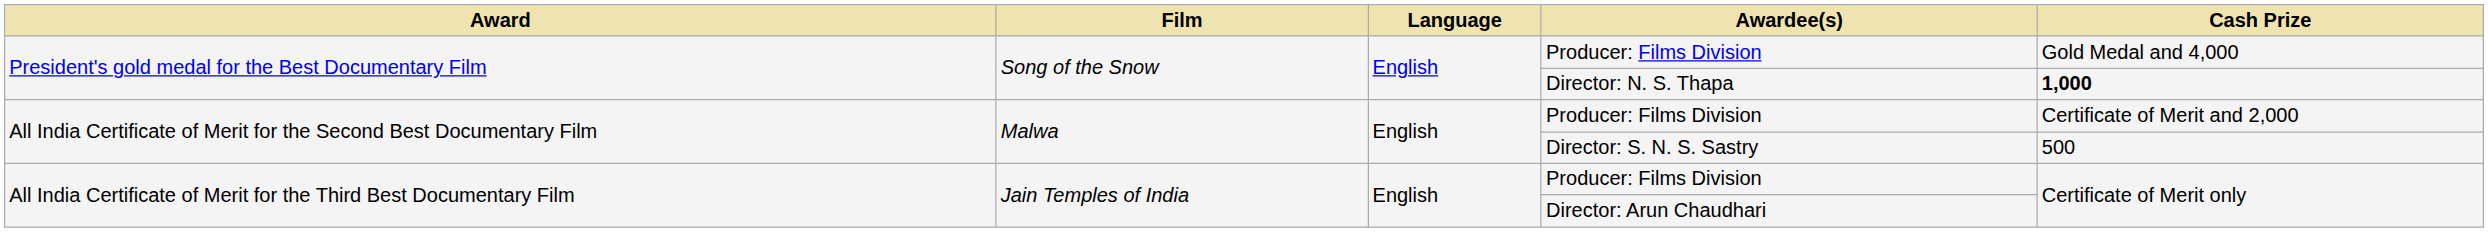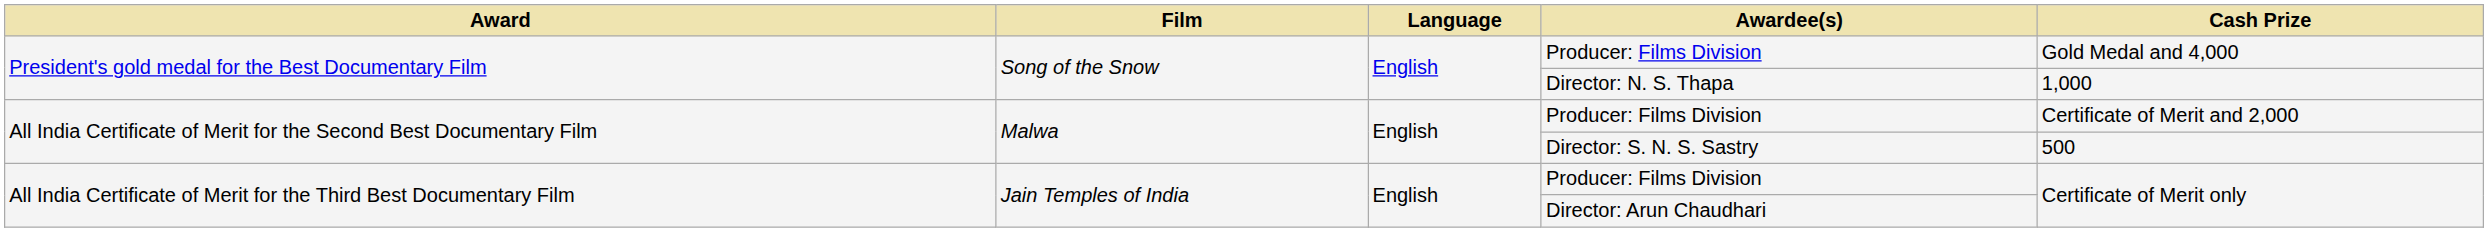 <table class="wikitable sortable" style="width:100%">
 <tr>
 <th style="background-color:#EFE4B0;width:40%;">Award</th>
 <th style="background-color:#EFE4B0;width:15%;">Film</th>
 <th style="background-color:#EFE4B0;width:7%;">Language</th>
 <th style="background-color:#EFE4B0;width:20%;">Awardee(s)</th>
 <th style="background-color:#EFE4B0;width:18%;">Cash Prize</th>
 </tr>
 <tr style="background-color:#F4F4F4">
 <td rowspan="2"><a href='#'>President's gold medal for the Best Documentary Film</a></td>
 <td rowspan="2"><em>Song of the Snow</em></td>
 <td rowspan="2"><a href='#'>English</a></td>
 <td>Producer: <a href='#'>Films Division</a></td>
 <td>Gold Medal and 4,000</td>
 </tr>
 <tr style="background-color:#F4F4F4">
 <td>Director: N. S. Thapa</td>
-<td><strong>1,000</strong></td>
+<td>1,000</td>
 </tr>
 <tr style="background-color:#F4F4F4">
 <td rowspan="2">All India Certificate of Merit for the Second Best Documentary Film</td>
 <td rowspan="2"><em>Malwa</em></td>
 <td rowspan="2">English</td>
 <td>Producer: Films Division</td>
 <td>Certificate of Merit and 2,000</td>
 </tr>
 <tr style="background-color:#F4F4F4">
 <td>Director: S. N. S. Sastry</td>
 <td>500</td>
 </tr>
 <tr style="background-color:#F4F4F4">
 <td rowspan="2">All India Certificate of Merit for the Third Best Documentary Film</td>
 <td rowspan="2"><em>Jain Temples of India</em></td>
 <td rowspan="2">English</td>
 <td>Producer: Films Division</td>
 <td rowspan="2">Certificate of Merit only</td>
 </tr>
 <tr style="background-color:#F4F4F4">
 <td>Director: Arun Chaudhari</td>
 </tr>
 </table>
